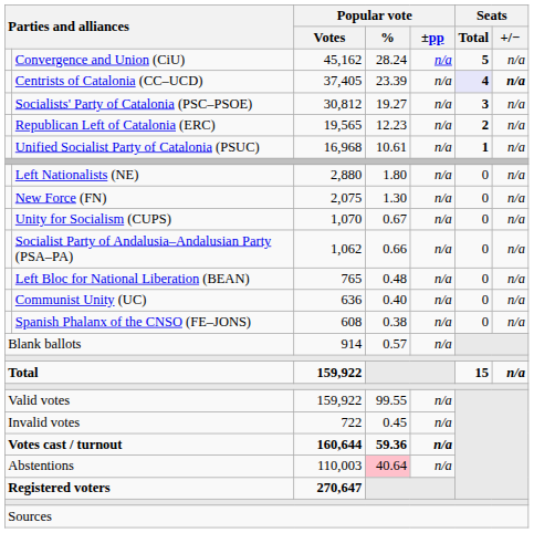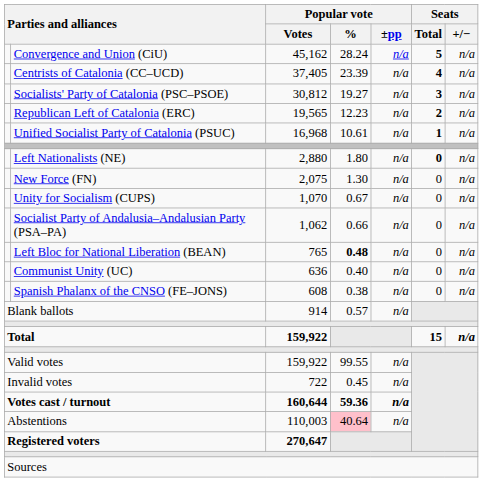 <table class="wikitable" style="text-align:right;">
 <tr>
 <th style="text-align:left;" rowspan="2" colspan="2" width="525">Parties and alliances</th>
 <th colspan="3">Popular vote</th>
 <th colspan="2">Seats</th>
 </tr>
 <tr>
 <th width="75">Votes</th>
 <th width="45">%</th>
 <th width="45">±<a href='#'>pp</a></th>
 <th width="35">Total</th>
 <th width="35">+/−</th>
 </tr>
 <tr>
 <td width="1" style="color:inherit;background:"></td>
 <td align="left"><a href='#'>Convergence and Union</a> (CiU)</td>
 <td>45,162</td>
 <td>28.24</td>
 <td><em><a href='#'>n/a</a></em></td>
 <td><strong>5</strong></td>
 <td><em>n/a</em></td>
 </tr>
 <tr>
 <td style="color:inherit;background:"></td>
 <td align="left"><a href='#'>Centrists of Catalonia</a> (CC–UCD)</td>
 <td>37,405</td>
 <td>23.39</td>
 <td><em>n/a</em></td>
-<td style="background: lavender;"><strong>4</strong></td>
-<td><strong><em>n/a</em></strong></td>
+<td><strong>4</strong></td>
+<td><em>n/a</em></td>
 </tr>
 <tr>
 <td style="color:inherit;background:"></td>
 <td align="left"><a href='#'>Socialists' Party of Catalonia</a> (PSC–PSOE)</td>
 <td>30,812</td>
 <td>19.27</td>
 <td><em>n/a</em></td>
 <td><strong>3</strong></td>
 <td><em>n/a</em></td>
 </tr>
 <tr>
 <td style="color:inherit;background:"></td>
 <td align="left"><a href='#'>Republican Left of Catalonia</a> (ERC)</td>
 <td>19,565</td>
 <td>12.23</td>
 <td><em>n/a</em></td>
 <td><strong>2</strong></td>
 <td><em>n/a</em></td>
 </tr>
 <tr>
 <td style="color:inherit;background:"></td>
 <td align="left"><a href='#'>Unified Socialist Party of Catalonia</a> (PSUC)</td>
 <td>16,968</td>
 <td>10.61</td>
 <td><em>n/a</em></td>
 <td><strong>1</strong></td>
 <td><em>n/a</em></td>
 </tr>
 <tr>
 <td colspan="7" bgcolor="#C0C0C0"></td>
 </tr>
 <tr>
 <td style="color:inherit;background:"></td>
 <td align="left"><a href='#'>Left Nationalists</a> (NE)</td>
 <td>2,880</td>
 <td>1.80</td>
 <td><em>n/a</em></td>
-<td>0</td>
+<td><strong>0</strong></td>
 <td><em>n/a</em></td>
 </tr>
 <tr>
 <td style="color:inherit;background:"></td>
 <td align="left"><a href='#'>New Force</a> (FN)</td>
 <td>2,075</td>
 <td>1.30</td>
 <td><em>n/a</em></td>
 <td>0</td>
 <td><em>n/a</em></td>
 </tr>
 <tr>
 <td style="color:inherit;background:"></td>
 <td align="left"><a href='#'>Unity for Socialism</a> (CUPS)</td>
 <td>1,070</td>
 <td>0.67</td>
 <td><em>n/a</em></td>
 <td>0</td>
 <td><em>n/a</em></td>
 </tr>
 <tr>
 <td style="color:inherit;background:"></td>
 <td align="left"><a href='#'>Socialist Party of Andalusia–Andalusian Party</a> (PSA–PA)</td>
 <td>1,062</td>
 <td>0.66</td>
 <td><em>n/a</em></td>
 <td>0</td>
 <td><em>n/a</em></td>
 </tr>
 <tr>
 <td style="color:inherit;background:"></td>
 <td align="left"><a href='#'>Left Bloc for National Liberation</a> (BEAN)</td>
 <td>765</td>
-<td>0.48</td>
+<td><strong>0.48</strong></td>
 <td><em>n/a</em></td>
 <td>0</td>
 <td><em>n/a</em></td>
 </tr>
 <tr>
 <td style="color:inherit;background:"></td>
 <td align="left"><a href='#'>Communist Unity</a> (UC)</td>
 <td>636</td>
 <td>0.40</td>
 <td><em>n/a</em></td>
 <td>0</td>
 <td><em>n/a</em></td>
 </tr>
 <tr>
 <td style="color:inherit;background:"></td>
 <td align="left"><a href='#'>Spanish Phalanx of the CNSO</a> (FE–JONS)</td>
 <td>608</td>
 <td>0.38</td>
 <td><em>n/a</em></td>
 <td>0</td>
 <td><em>n/a</em></td>
 </tr>
 <tr>
 <td align="left" colspan="2">Blank ballots</td>
 <td>914</td>
 <td>0.57</td>
 <td><em>n/a</em></td>
 <td bgcolor="#E9E9E9" colspan="2"></td>
 </tr>
 <tr>
 <td colspan="7" bgcolor="#E9E9E9"></td>
 </tr>
 <tr style="font-weight:bold;">
 <td align="left" colspan="2">Total</td>
 <td>159,922</td>
 <td bgcolor="#E9E9E9" colspan="2"></td>
 <td>15</td>
 <td><em>n/a</em></td>
 </tr>
 <tr>
 <td colspan="7" bgcolor="#E9E9E9"></td>
 </tr>
 <tr>
 <td align="left" colspan="2">Valid votes</td>
 <td>159,922</td>
 <td>99.55</td>
 <td><em>n/a</em></td>
 <td bgcolor="#E9E9E9" colspan="2" rowspan="5"></td>
 </tr>
 <tr>
 <td align="left" colspan="2">Invalid votes</td>
 <td>722</td>
 <td>0.45</td>
 <td><em>n/a</em></td>
 </tr>
 <tr style="font-weight:bold;">
 <td align="left" colspan="2">Votes cast / turnout</td>
 <td>160,644</td>
 <td>59.36</td>
 <td><em>n/a</em></td>
 </tr>
 <tr>
 <td align="left" colspan="2">Abstentions</td>
 <td>110,003</td>
 <td style="background: pink;">40.64</td>
 <td><em>n/a</em></td>
 </tr>
 <tr style="font-weight:bold;">
 <td align="left" colspan="2">Registered voters</td>
 <td>270,647</td>
 <td bgcolor="#E9E9E9" colspan="2"></td>
 </tr>
 <tr>
 <td colspan="7" bgcolor="#E9E9E9"></td>
 </tr>
 <tr>
 <td align="left" colspan="7">Sources</td>
 </tr>
 </table>
